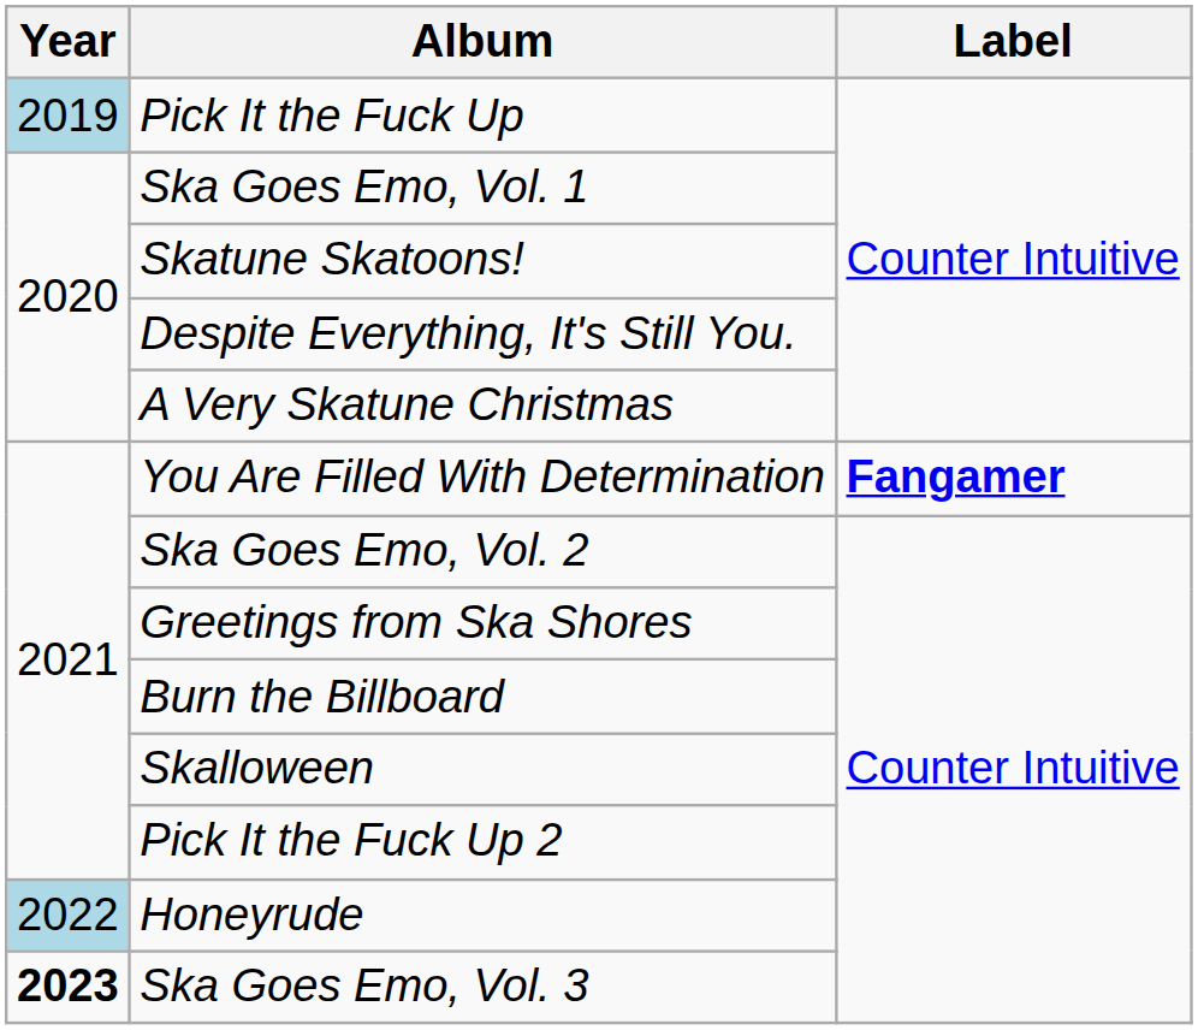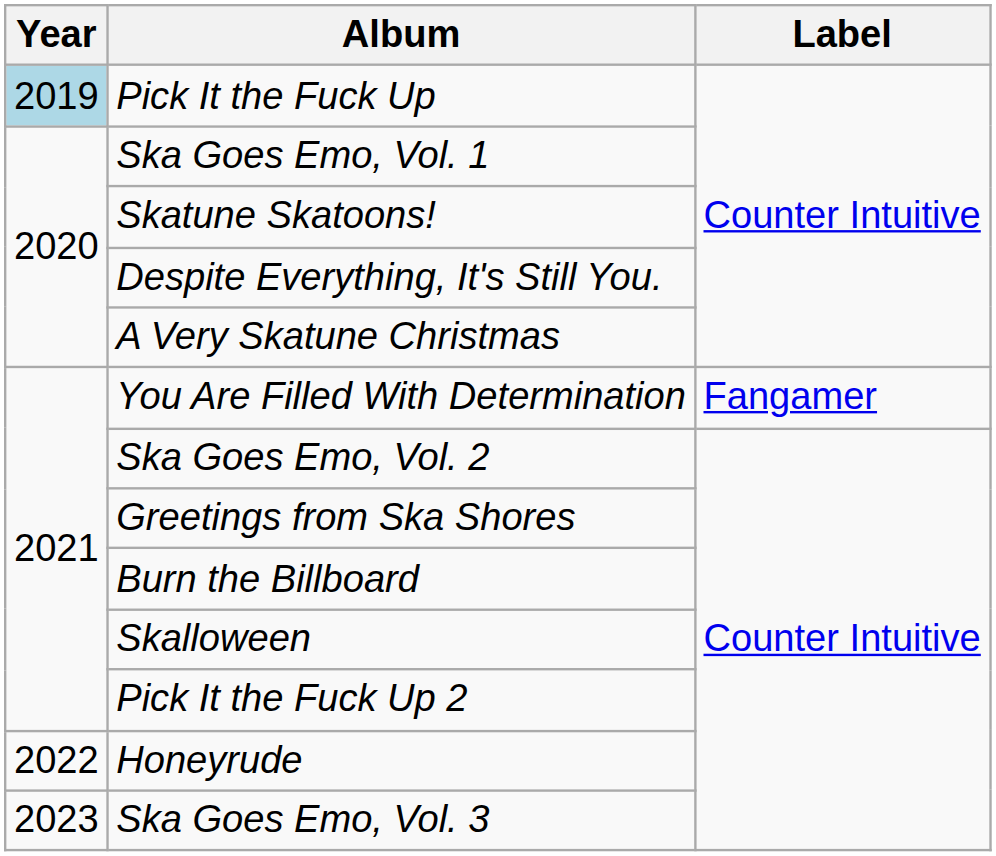 <table class="wikitable">
 <tr>
 <th>Year</th>
 <th>Album</th>
 <th>Label</th>
 </tr>
 <tr>
 <td style="background: lightblue;">2019</td>
 <td><em>Pick It the Fuck Up</em></td>
 <td rowspan="5"><a href='#'>Counter Intuitive</a></td>
 </tr>
 <tr>
 <td rowspan="4">2020</td>
 <td><em>Ska Goes Emo, Vol. 1</em></td>
 </tr>
 <tr>
 <td><em>Skatune Skatoons!</em></td>
 </tr>
 <tr>
 <td><em>Despite Everything, It's Still You.</em></td>
 </tr>
 <tr>
 <td><em>A Very Skatune Christmas</em></td>
 </tr>
 <tr>
 <td rowspan="6">2021</td>
 <td><em>You Are Filled With Determination</em></td>
-<td><strong><a href='#'>Fangamer</a></strong></td>
+<td><a href='#'>Fangamer</a></td>
 </tr>
 <tr>
 <td><em>Ska Goes Emo, Vol. 2</em></td>
 <td rowspan="8"><a href='#'>Counter Intuitive</a></td>
 </tr>
 <tr>
 <td><em>Greetings from Ska Shores</em></td>
 </tr>
 <tr>
 <td><em>Burn the Billboard</em></td>
 </tr>
 <tr>
 <td><em>Skalloween</em></td>
 </tr>
 <tr>
 <td><em>Pick It the Fuck Up 2</em></td>
 </tr>
 <tr>
-<td style="background: lightblue;">2022</td>
+<td>2022</td>
 <td><em>Honeyrude</em></td>
 </tr>
 <tr>
-<td><strong>2023</strong></td>
+<td>2023</td>
 <td><em>Ska Goes Emo, Vol. 3</em></td>
 </tr>
 </table>
